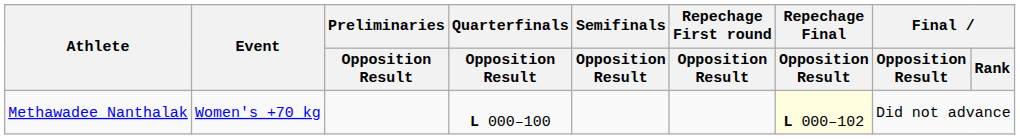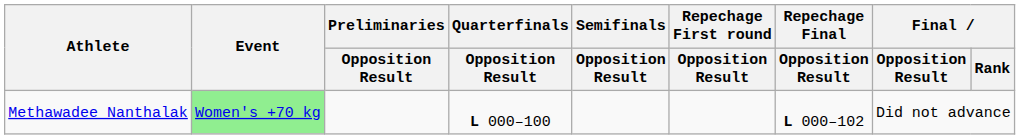 <table class="wikitable" style="font-size:90%">
 <tr>
 <th rowspan="2">Athlete</th>
 <th rowspan="2">Event</th>
 <th>Preliminaries</th>
 <th>Quarterfinals</th>
 <th>Semifinals</th>
 <th>Repechage<br>First round</th>
 <th>Repechage<br>Final</th>
 <th colspan="2">Final / </th>
 </tr>
 <tr>
 <th>Opposition<br>Result</th>
 <th>Opposition<br>Result</th>
 <th>Opposition<br>Result</th>
 <th>Opposition<br>Result</th>
 <th>Opposition<br>Result</th>
 <th>Opposition<br>Result</th>
 <th>Rank</th>
 </tr>
 <tr align=center>
 <td align=left><a href='#'>Methawadee Nanthalak</a></td>
-<td align=left><a href='#'>Women's +70 kg</a></td>
+<td align=left style="background: lightgreen;"><a href='#'>Women's +70 kg</a></td>
 <td></td>
 <td><br><strong>L</strong> 000–100</td>
 <td></td>
 <td></td>
-<td style="background: lightyellow;"><br><strong>L</strong> 000–102</td>
+<td><br><strong>L</strong> 000–102</td>
 <td colspan=2>Did not advance</td>
 </tr>
 </table>
